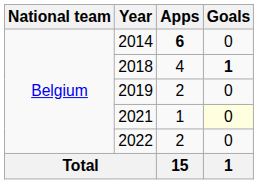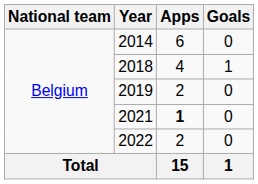 <table class=wikitable style="text-align: center;">
 <tr>
 <th>National team</th>
 <th>Year</th>
 <th>Apps</th>
 <th>Goals</th>
 </tr>
 <tr>
 <td rowspan=5><a href='#'>Belgium</a></td>
 <td>2014</td>
-<td><strong>6</strong></td>
+<td>6</td>
 <td>0</td>
 </tr>
 <tr>
 <td>2018</td>
 <td>4</td>
-<td><strong>1</strong></td>
+<td>1</td>
 </tr>
 <tr>
 <td>2019</td>
 <td>2</td>
 <td>0</td>
 </tr>
 <tr>
 <td>2021</td>
-<td>1</td>
-<td style="background: lightyellow;">0</td>
+<td><strong>1</strong></td>
+<td>0</td>
 </tr>
 <tr>
 <td>2022</td>
 <td>2</td>
 <td>0</td>
 </tr>
 <tr>
 <th colspan=2>Total</th>
 <th>15</th>
 <th>1</th>
 </tr>
 </table>
